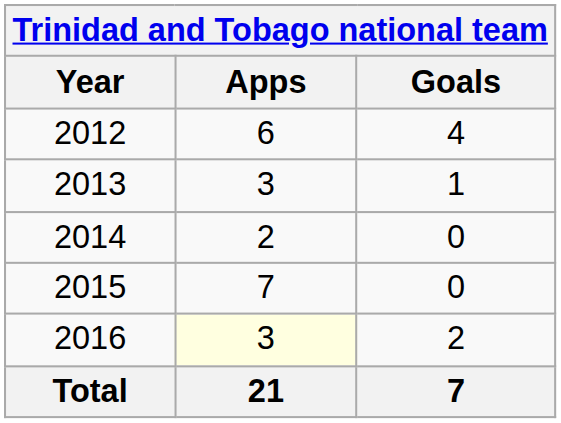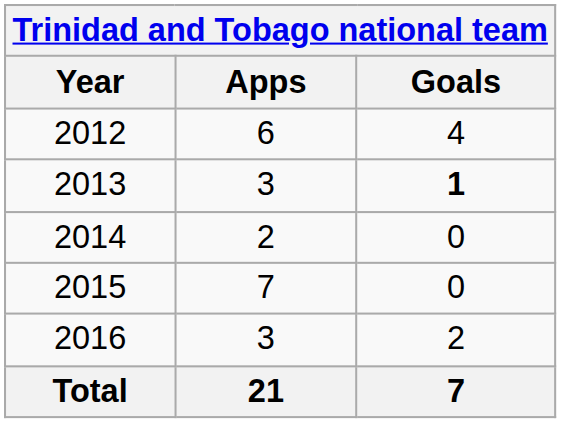 <table class="wikitable" style="text-align:center">
 <tr>
 <th colspan=3><a href='#'>Trinidad and Tobago national team</a></th>
 </tr>
 <tr>
 <th>Year</th>
 <th>Apps</th>
 <th>Goals</th>
 </tr>
 <tr>
 <td>2012</td>
 <td>6</td>
 <td>4</td>
 </tr>
 <tr>
 <td>2013</td>
 <td>3</td>
-<td>1</td>
+<td><strong>1</strong></td>
 </tr>
 <tr>
 <td>2014</td>
 <td>2</td>
 <td>0</td>
 </tr>
 <tr>
 <td>2015</td>
 <td>7</td>
 <td>0</td>
 </tr>
 <tr>
 <td>2016</td>
-<td style="background: lightyellow;">3</td>
+<td>3</td>
 <td>2</td>
 </tr>
 <tr>
 <th>Total</th>
 <th>21</th>
 <th>7</th>
 </tr>
 </table>
